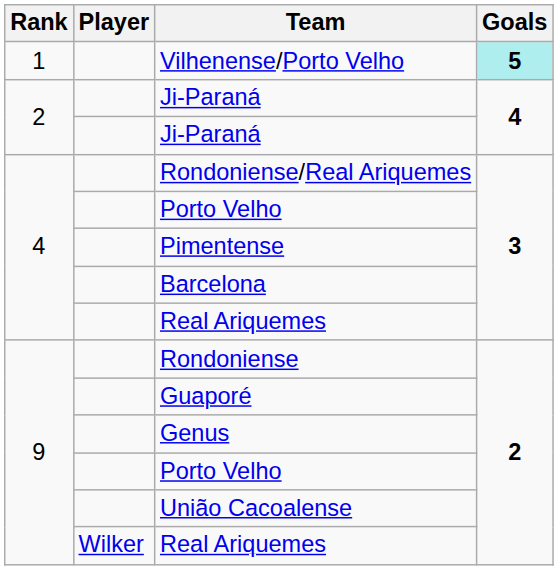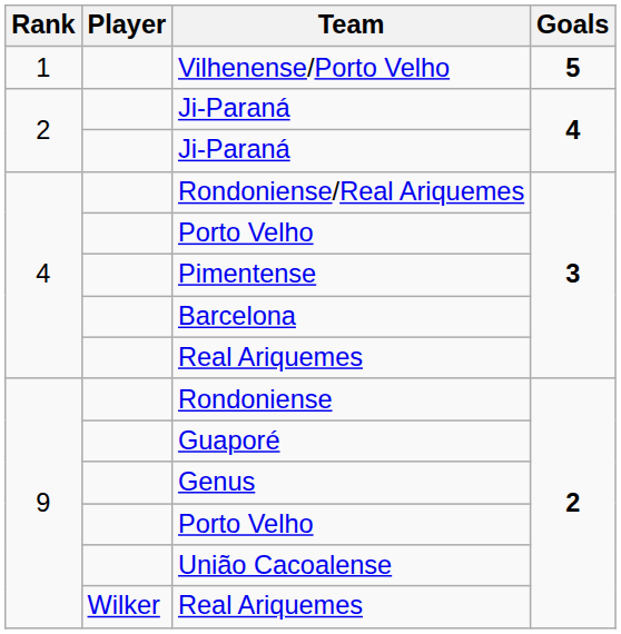 <table class="wikitable">
 <tr>
 <th>Rank</th>
 <th>Player</th>
 <th>Team</th>
 <th>Goals</th>
 </tr>
 <tr>
 <td align=center>1</td>
 <td> </td>
 <td><a href='#'>Vilhenense</a>/<a href='#'>Porto Velho</a></td>
-<td align=center style="background: paleturquoise;"><strong>5</strong></td>
+<td align=center><strong>5</strong></td>
 </tr>
 <tr>
 <td align=center rowspan=2>2</td>
 <td> </td>
 <td><a href='#'>Ji-Paraná</a></td>
 <td align=center rowspan=2><strong>4</strong></td>
 </tr>
 <tr>
 <td> </td>
 <td><a href='#'>Ji-Paraná</a></td>
 </tr>
 <tr>
 <td align=center rowspan=5>4</td>
 <td> </td>
 <td><a href='#'>Rondoniense</a>/<a href='#'>Real Ariquemes</a></td>
 <td align=center rowspan=5><strong>3</strong></td>
 </tr>
 <tr>
 <td> </td>
 <td><a href='#'>Porto Velho</a></td>
 </tr>
 <tr>
 <td> </td>
 <td><a href='#'>Pimentense</a></td>
 </tr>
 <tr>
 <td> </td>
 <td><a href='#'>Barcelona</a></td>
 </tr>
 <tr>
 <td> </td>
 <td><a href='#'>Real Ariquemes</a></td>
 </tr>
 <tr>
 <td align=center rowspan=6>9</td>
 <td> </td>
 <td><a href='#'>Rondoniense</a></td>
 <td align=center rowspan=6><strong>2</strong></td>
 </tr>
 <tr>
 <td> </td>
 <td><a href='#'>Guaporé</a></td>
 </tr>
 <tr>
 <td> </td>
 <td><a href='#'>Genus</a></td>
 </tr>
 <tr>
 <td> </td>
 <td><a href='#'>Porto Velho</a></td>
 </tr>
 <tr>
 <td> </td>
 <td><a href='#'>União Cacoalense</a></td>
 </tr>
 <tr>
 <td> <a href='#'>Wilker</a></td>
 <td><a href='#'>Real Ariquemes</a></td>
 </tr>
 </table>
